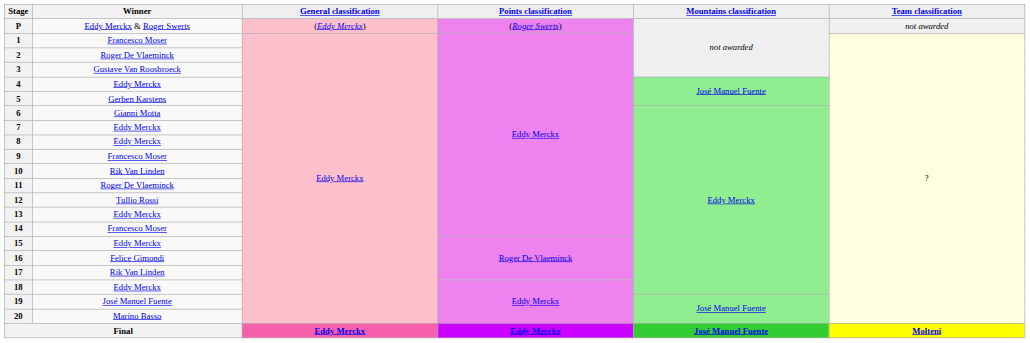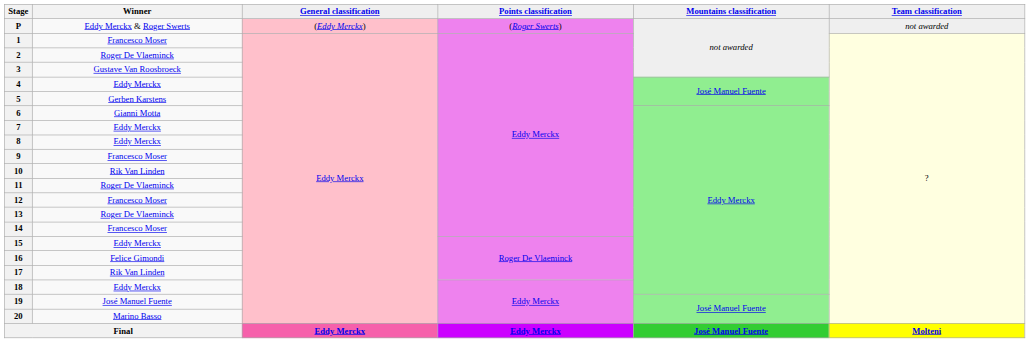 <table class="wikitable" style="text-align: center; font-size:smaller;">
 <tr style="background:#efefef;">
 <th style="width:1%;">Stage</th>
 <th style="width:15%;">Winner</th>
 <th style="background:#efefef; width:14%;"><a href='#'>General classification</a><br></th>
 <th style="background:#efefef; width:14%;"><a href='#'>Points classification</a><br></th>
 <th style="background:#efefef; width:14%;"><a href='#'>Mountains classification</a><br></th>
 <th style="background:#efefef; width:14%;"><a href='#'>Team classification</a></th>
 </tr>
 <tr>
 <th>P</th>
 <td><a href='#'>Eddy Merckx</a> & <a href='#'>Roger Swerts</a></td>
 <td style="background:pink;">(<em><a href='#'>Eddy Merckx</a></em>)</td>
 <td style="background:violet;">(<em><a href='#'>Roger Swerts</a></em>)</td>
 <td style="background:#EFEFEF;" rowspan="4"><em>not awarded</em></td>
 <td style="background:#EFEFEF;" rowspan="1"><em>not awarded</em></td>
 </tr>
 <tr>
 <th>1</th>
 <td><a href='#'>Francesco Moser</a></td>
 <td style="background:pink;" rowspan="20"><a href='#'>Eddy Merckx</a></td>
 <td style="background:violet;"  rowspan="14"><a href='#'>Eddy Merckx</a></td>
 <td rowspan="20" style="background:lightyellow;">?</td>
 </tr>
 <tr>
 <th>2</th>
 <td><a href='#'>Roger De Vlaeminck</a></td>
 </tr>
 <tr>
 <th>3</th>
 <td><a href='#'>Gustave Van Roosbroeck</a></td>
 </tr>
 <tr>
 <th>4</th>
 <td><a href='#'>Eddy Merckx</a></td>
 <td style="background:lightgreen;" rowspan="2"><a href='#'>José Manuel Fuente</a></td>
 </tr>
 <tr>
 <th>5</th>
 <td><a href='#'>Gerben Karstens</a></td>
 </tr>
 <tr>
 <th>6</th>
 <td><a href='#'>Gianni Motta</a></td>
 <td style="background:lightgreen;" rowspan="13"><a href='#'>Eddy Merckx</a></td>
 </tr>
 <tr>
 <th>7</th>
 <td><a href='#'>Eddy Merckx</a></td>
 </tr>
 <tr>
 <th>8</th>
 <td><a href='#'>Eddy Merckx</a></td>
 </tr>
 <tr>
 <th>9</th>
 <td><a href='#'>Francesco Moser</a></td>
 </tr>
 <tr>
 <th>10</th>
 <td><a href='#'>Rik Van Linden</a></td>
 </tr>
 <tr>
 <th>11</th>
 <td><a href='#'>Roger De Vlaeminck</a></td>
 </tr>
 <tr>
 <th>12</th>
-<td><a href='#'>Tullio Rossi</a></td>
+<td><a href='#'>Francesco Moser</a></td>
 </tr>
 <tr>
 <th>13</th>
-<td><a href='#'>Eddy Merckx</a></td>
+<td><a href='#'>Roger De Vlaeminck</a></td>
 </tr>
 <tr>
 <th>14</th>
 <td><a href='#'>Francesco Moser</a></td>
 </tr>
 <tr>
 <th>15</th>
 <td><a href='#'>Eddy Merckx</a></td>
 <td style="background:violet;" rowspan="3"><a href='#'>Roger De Vlaeminck</a></td>
 </tr>
 <tr>
 <th>16</th>
 <td><a href='#'>Felice Gimondi</a></td>
 </tr>
 <tr>
 <th>17</th>
 <td><a href='#'>Rik Van Linden</a></td>
 </tr>
 <tr>
 <th>18</th>
 <td><a href='#'>Eddy Merckx</a></td>
 <td style="background:violet;" rowspan="3"><a href='#'>Eddy Merckx</a></td>
 </tr>
 <tr>
 <th>19</th>
 <td><a href='#'>José Manuel Fuente</a></td>
 <td style="background:lightgreen;" rowspan="2"><a href='#'>José Manuel Fuente</a></td>
 </tr>
 <tr>
 <th>20</th>
 <td><a href='#'>Marino Basso</a></td>
 </tr>
 <tr>
 <th colspan=2><strong>Final</strong></th>
 <th style="background:#F660AB;"><strong><a href='#'>Eddy Merckx</a></strong></th>
 <th style="background:#c0f;"><strong><a href='#'>Eddy Merckx</a></strong></th>
 <th style="background:#32CD32;"><strong><a href='#'>José Manuel Fuente</a></strong></th>
 <th style="background:yellow;"><strong><a href='#'>Molteni</a></strong></th>
 </tr>
 </table>
